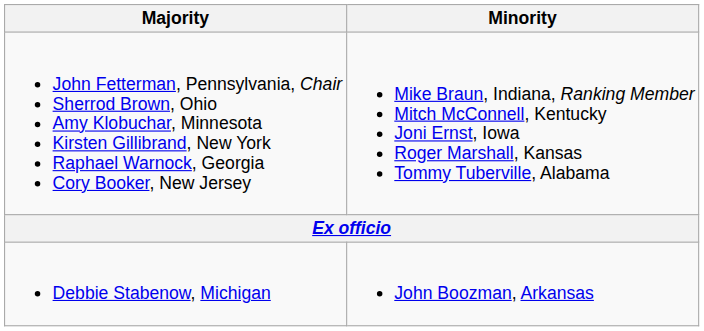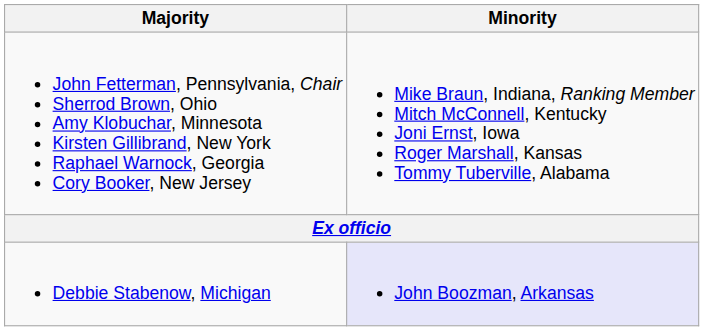 <table class=wikitable>
 <tr>
 <th>Majority</th>
 <th>Minority</th>
 </tr>
 <tr>
 <td><br><ul><li><a href='#'>John Fetterman</a>, Pennsylvania, <em>Chair</em></li><li><a href='#'>Sherrod Brown</a>, Ohio</li><li><a href='#'>Amy Klobuchar</a>, Minnesota</li><li><a href='#'>Kirsten Gillibrand</a>, New York</li><li><a href='#'>Raphael Warnock</a>, Georgia</li><li><a href='#'>Cory Booker</a>, New Jersey</li></ul></td>
 <td><br><ul><li><a href='#'>Mike Braun</a>, Indiana, <em>Ranking Member</em></li><li><a href='#'>Mitch McConnell</a>, Kentucky</li><li><a href='#'>Joni Ernst</a>, Iowa</li><li><a href='#'>Roger Marshall</a>, Kansas</li><li><a href='#'>Tommy Tuberville</a>, Alabama</li></ul></td>
 </tr>
 <tr>
 <th colspan=2><em><a href='#'>Ex officio</a></em></th>
 </tr>
 <tr>
 <td><br><ul><li><a href='#'>Debbie Stabenow</a>, <a href='#'>Michigan</a></li></ul></td>
-<td><br><ul><li><a href='#'>John Boozman</a>, <a href='#'>Arkansas</a></li></ul></td>
+<td style="background: lavender;"><br><ul><li><a href='#'>John Boozman</a>, <a href='#'>Arkansas</a></li></ul></td>
 </tr>
 </table>
